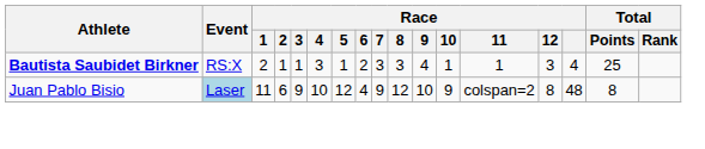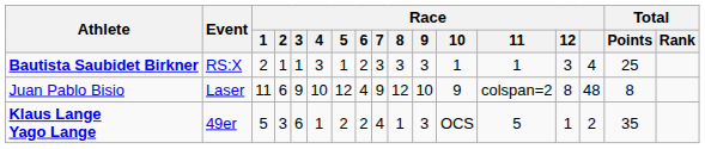 <table class="wikitable" style="font-size:90%;text-align:center">
 <tr>
 <th rowspan=2>Athlete</th>
 <th rowspan=2>Event</th>
 <th colspan=13>Race</th>
 <th colspan=2>Total</th>
 </tr>
 <tr style=font-size:95%>
 <th>1</th>
 <th>2</th>
 <th>3</th>
 <th>4</th>
 <th>5</th>
 <th>6</th>
 <th>7</th>
 <th>8</th>
 <th>9</th>
 <th>10</th>
 <th>11</th>
 <th>12</th>
 <th></th>
 <th>Points</th>
 <th>Rank</th>
 </tr>
 <tr>
 <td style="text-align:left"><strong><a href='#'>Bautista Saubidet Birkner</a></strong></td>
 <td style="text-align:left"><a href='#'>RS:X</a></td>
 <td>2</td>
 <td>1</td>
 <td>1</td>
 <td>3</td>
 <td>1</td>
 <td>2</td>
 <td>3</td>
 <td>3</td>
-<td>4</td>
+<td>3</td>
 <td>1</td>
 <td>1</td>
 <td>3</td>
 <td>4</td>
 <td>25</td>
 <td></td>
 </tr>
 <tr>
 <td style="text-align:left"><a href='#'>Juan Pablo Bisio</a></td>
-<td style="background: lightblue; text-align:left"><a href='#'>Laser</a></td>
+<td style="text-align:left"><a href='#'>Laser</a></td>
 <td>11</td>
 <td>6</td>
 <td>9</td>
 <td>10</td>
 <td>12</td>
 <td>4</td>
 <td>9</td>
 <td>12</td>
 <td>10</td>
 <td>9</td>
 <td>colspan=2 </td>
 <td>8</td>
 <td>48</td>
 <td>8</td>
 </tr>
+<tr>
+<td style="text-align:left"><strong><a href='#'>Klaus Lange</a><br><a href='#'>Yago Lange</a></strong></td>
+<td style="text-align:left"><a href='#'>49er</a></td>
+<td>5</td>
+<td>3</td>
+<td>6</td>
+<td>1</td>
+<td>2</td>
+<td>2</td>
+<td>4</td>
+<td>1</td>
+<td>3</td>
+<td>OCS</td>
+<td>5</td>
+<td>1</td>
+<td>2</td>
+<td>35</td>
+<td></td>
+</tr>
 </table>
